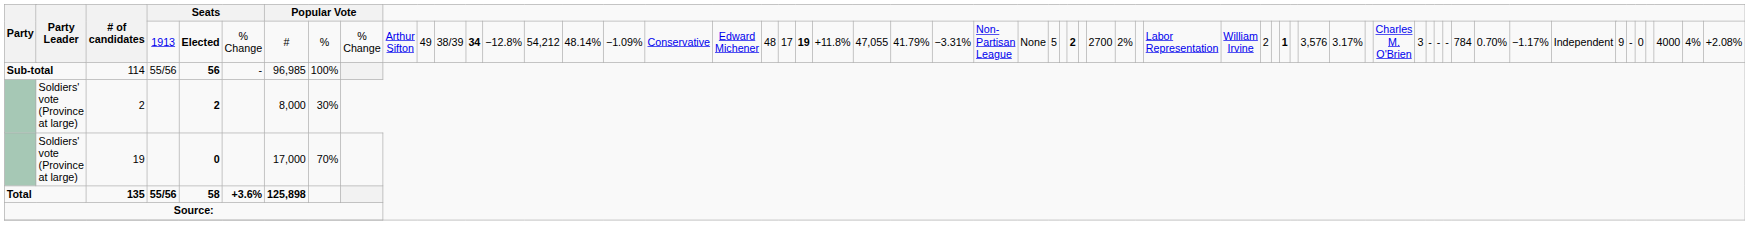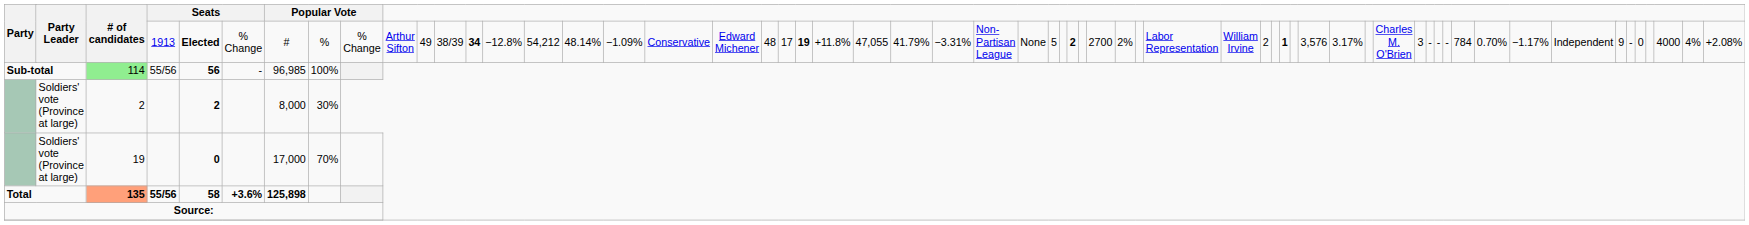 <table class="wikitable">
 <tr>
 <th rowspan=2 colspan=2>Party</th>
 <th rowspan=2>Party Leader</th>
 <th rowspan=2># of<br>candidates</th>
 <th colspan=3>Seats</th>
 <th colspan=3>Popular Vote</th>
 </tr>
 <tr>
 <td align="center"><a href='#'>1913</a></td>
 <td align="center"><strong>Elected</strong></td>
 <td align="center">% Change</td>
 <td align="center">#</td>
 <td align="center">%</td>
 <td align="center">% Change<br></td>
 <td align="center"><a href='#'>Arthur Sifton</a></td>
 <td align="right">49</td>
 <td align="right">38/39</td>
 <td align="right"><strong>34</strong></td>
 <td align="right">−12.8%</td>
 <td align="right">54,212</td>
 <td align="right">48.14%</td>
 <td align="right">−1.09%<br></td>
 <td><a href='#'>Conservative</a></td>
 <td align="center"><a href='#'>Edward Michener</a></td>
 <td align="right">48</td>
 <td align="right">17</td>
 <td align="right"><strong>19</strong></td>
 <td align="right">+11.8%</td>
 <td align="right">47,055</td>
 <td align="right">41.79%</td>
 <td align="right">−3.31%<br></td>
 <td><a href='#'>Non-Partisan League</a></td>
 <td align="center">None</td>
 <td align="right">5</td>
 <td align="right"> </td>
 <td align="right"><strong>2</strong></td>
 <td align="right"> </td>
 <td align="right">2700</td>
 <td align="right">2%</td>
 <td align="right"> <br></td>
 <td><a href='#'>Labor Representation</a></td>
 <td align="center"><a href='#'>William Irvine</a></td>
 <td align="right">2</td>
 <td align="right"> </td>
 <td align="right"><strong>1</strong></td>
 <td align="right"> </td>
 <td align="right">3,576</td>
 <td align="right">3.17%</td>
 <td align="right"> <br></td>
 <td align="center"><a href='#'>Charles M. O'Brien</a></td>
 <td align="right">3</td>
 <td align="right">-</td>
 <td align="right">-</td>
 <td align="right">-</td>
 <td align="right">784</td>
 <td align="right">0.70%</td>
 <td align="right">−1.17%<br></td>
 <td colspan=2>Independent</td>
 <td align="right">9</td>
 <td align="right">-</td>
 <td align="right">0</td>
 <td align="right"> </td>
 <td align="right">4000</td>
 <td align="right">4%</td>
 <td align="right">+2.08%</td>
 </tr>
 <tr>
 <td colspan=3><strong>Sub-total</strong></td>
-<td align="right">114</td>
+<td align="right" style="background: lightgreen;">114</td>
 <td align="right">55/56</td>
 <td align="right"><strong>56</strong></td>
 <td align="right">-</td>
 <td align="right">96,985</td>
 <td align="right">100%</td>
 <th> </th>
 </tr>
 <tr>
 <td bgcolor="#A6C8B5"></td>
 <td colspan=2>Soldiers' vote (Province at large)</td>
 <td align="right">2</td>
 <td align="right"> </td>
 <td align="right"><strong>2</strong></td>
 <td align="right"> </td>
 <td align="right">8,000</td>
 <td align="right">30%</td>
 </tr>
 <tr>
 <td bgcolor="#A6C8B5"></td>
 <td colspan=2>Soldiers' vote (Province at large)</td>
 <td align="right">19</td>
 <td align="right"> </td>
 <td align="right"><strong>0</strong></td>
 <td align="right"> </td>
 <td align="right">17,000</td>
 <td align="right">70%</td>
 <td align="right"> </td>
 </tr>
 <tr>
 <td colspan=3><strong>Total</strong></td>
-<td align="right"><strong>135</strong></td>
+<td align="right" style="background: lightsalmon;"><strong>135</strong></td>
 <td align="right"><strong>55/56</strong></td>
 <td align="right"><strong>58</strong></td>
 <td align="right"><strong>+3.6%</strong></td>
 <td align="right"><strong> 125,898</strong></td>
 <td align="right"><strong>  </strong></td>
 <th> </th>
 </tr>
 <tr>
 <td align="center" colspan=10><strong>Source:</strong> </td>
 </tr>
 <tr>
 </tr>
 </table>
